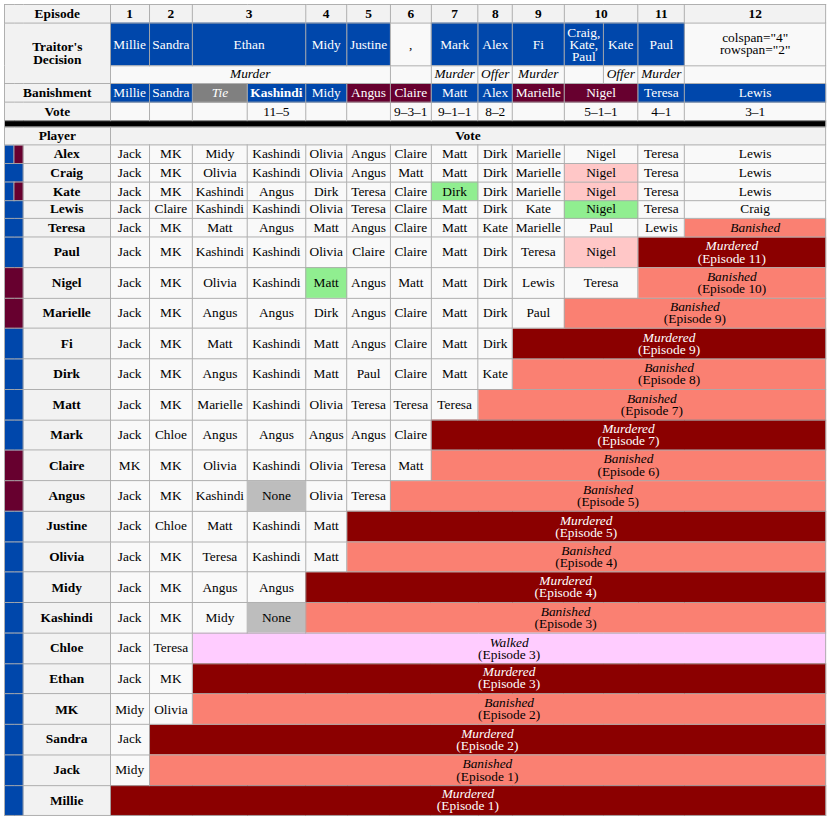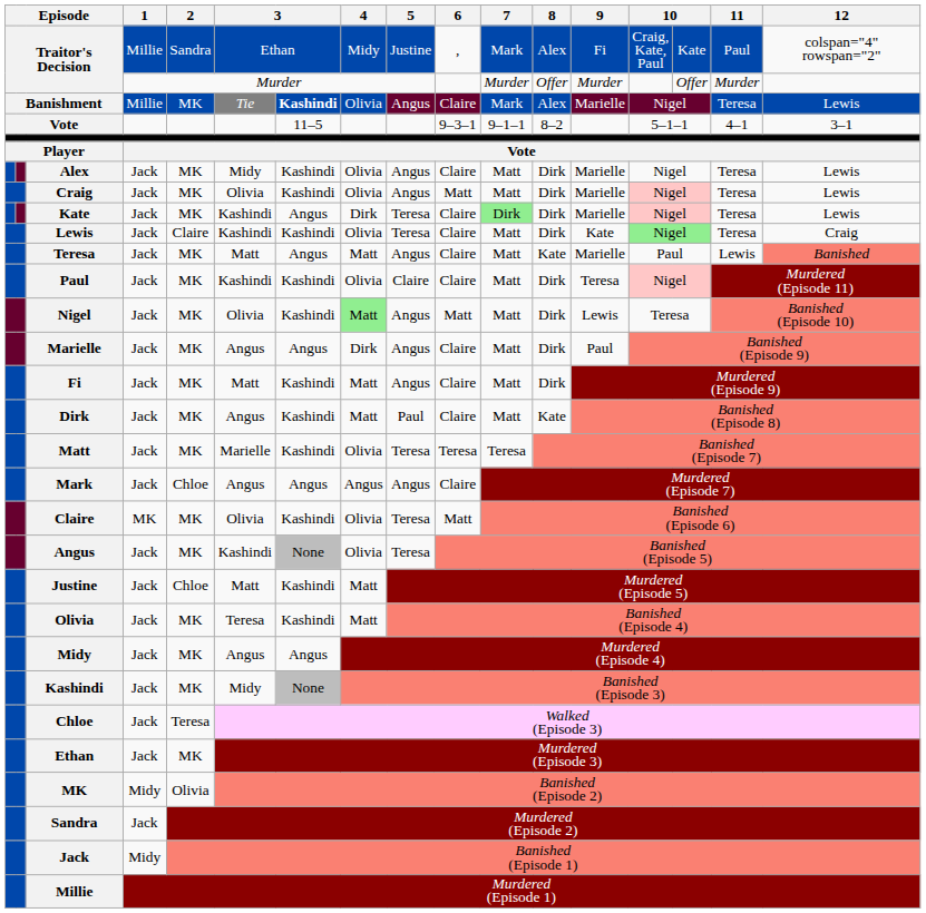 <table class="wikitable" style="text-align:center; width:100%; font-size:90%; line-height:13px">
 <tr>
 <th colspan="4">Episode</th>
 <th>1</th>
 <th>2</th>
 <th colspan="2">3</th>
 <th>4</th>
 <th>5</th>
 <th>6</th>
 <th>7</th>
 <th>8</th>
 <th>9</th>
 <th colspan="2">10</th>
 <th>11</th>
 <th colspan="4">12</th>
 </tr>
 <tr>
 <th colspan="4" rowspan="2">Traitor's Decision</th>
 <td bgcolor="#0047AB" align="center" span style="color:#FFFFFF;">Millie</td>
 <td bgcolor="#0047AB" align="center" span style="color:#FFFFFF;">Sandra</td>
 <td colspan="2" bgcolor="#0047AB" align="center" span style="color:#FFFFFF;">Ethan</td>
 <td bgcolor="#0047AB" align="center" span style="color:#FFFFFF;">Midy</td>
 <td bgcolor="#0047AB" align="center" span style="color:#FFFFFF;">Justine</td>
 <td align="center">,<br></td>
 <td bgcolor="#0047AB" align="center" span style="color:#FFFFFF;">Mark</td>
 <td bgcolor="#0047AB" align="center" span style="color:#FFFFFF;">Alex</td>
 <td bgcolor="#0047AB" align="center" span style="color:#FFFFFF;">Fi</td>
 <td bgcolor="#0047AB" align="center" span style="color:#FFFFFF;">Craig,<br>Kate,<br>Paul</td>
 <td bgcolor="#0047AB" align="center" span style="color:#FFFFFF;">Kate</td>
 <td bgcolor="#0047AB" align="center" span style="color:#FFFFFF;">Paul</td>
 <td>colspan="4" rowspan="2" </td>
 </tr>
 <tr>
 <td colspan="6" align="center"><em>Murder</em></td>
 <td align="center"></td>
 <td align="center"><em>Murder</em></td>
 <td align="center"><em>Offer</em></td>
 <td align="center"><em>Murder</em></td>
 <td align="center"></td>
 <td align="center"><em>Offer</em></td>
 <td align="center"><em>Murder</em></td>
 </tr>
 <tr>
 <th colspan="4">Banishment</th>
 <td bgcolor="#0047AB" align="center" span style="color:#FFFFFF;">Millie</td>
-<td bgcolor="#0047AB" align="center" span style="color:#FFFFFF;">Sandra</td>
+<td bgcolor="#0047AB" align="center" span style="color:#FFFFFF;">MK</td>
 <td bgcolor="grey" align="center" span style="color:#FFFFFF;"><em>Tie</em></td>
 <td bgcolor="#0047AB" align="center" span style="color:#FFFFFF;"><strong>Kashindi</strong></td>
-<td bgcolor="#0047AB" align="center" span style="color:#FFFFFF;">Midy</td>
+<td bgcolor="#0047AB" align="center" span style="color:#FFFFFF;">Olivia</td>
 <td bgcolor="#67002F" align="center" span style="color:#FFFFFF;">Angus</td>
 <td bgcolor="#67002F" align="center" span style="color:#FFFFFF;">Claire</td>
-<td bgcolor="#0047AB" align="center" span style="color:#FFFFFF;">Matt</td>
+<td bgcolor="#0047AB" align="center" span style="color:#FFFFFF;">Mark</td>
 <td bgcolor="#0047AB" align="center" span style="color:#FFFFFF;">Alex</td>
 <td bgcolor="#67002F" align="center" style="color:#FFFFFF;" span>Marielle</td>
 <td bgcolor="#67002F" align="center" style="color:#FFFFFF;" span colspan="2">Nigel</td>
 <td bgcolor="#0047AB" align="center" span style="color:#FFFFFF;">Teresa</td>
 <td bgcolor="#0047AB" align="center" span style="color:#FFFFFF;">Lewis</td>
 </tr>
 <tr>
 <th colspan="4">Vote</th>
 <td align="center"></td>
 <td align="center"></td>
 <td align="center"></td>
 <td align="center">11–5</td>
 <td align="center"></td>
 <td align="center"></td>
 <td align="center">9–3–1</td>
 <td align="center">9–1–1</td>
 <td align="center">8–2</td>
 <td align="center"><small></small></td>
 <td align="center" colspan="2">5–1–1</td>
 <td align="center">4–1</td>
 <td align="center">3–1</td>
 </tr>
 <tr>
 <td colspan="21" bgcolor="#000000"></td>
 </tr>
 <tr>
 <th colspan=4>Player</th>
 <th colspan=19>Vote</th>
 </tr>
 <tr>
 <td bgcolor="#0047AB"></td>
 <td colspan="2" bgcolor="#67002F"></td>
 <th>Alex</th>
 <td align="center">Jack</td>
 <td align="center">MK</td>
 <td align="center">Midy</td>
 <td align="center">Kashindi</td>
 <td align="center">Olivia</td>
 <td align="center">Angus</td>
 <td align="center">Claire</td>
 <td align="center">Matt</td>
 <td align="center">Dirk</td>
 <td align="center">Marielle</td>
 <td align="center" colspan="2">Nigel</td>
 <td align="center">Teresa</td>
 <td align="center">Lewis</td>
 </tr>
 <tr>
 <td colspan="3" bgcolor="#0047AB"></td>
 <th>Craig</th>
 <td align="center">Jack</td>
 <td align="center">MK</td>
 <td align="center">Olivia</td>
 <td align="center">Kashindi</td>
 <td align="center">Olivia</td>
 <td align="center">Angus</td>
 <td align="center">Matt</td>
 <td align="center">Matt</td>
 <td align="center">Dirk</td>
 <td align="center">Marielle</td>
 <td colspan="2" bgcolor="FFC7C7" align="center">Nigel</td>
 <td align="center">Teresa</td>
 <td align="center">Lewis</td>
 </tr>
 <tr>
 <td colspan="2" bgcolor="#0047AB"></td>
 <td bgcolor="#67002F"></td>
 <th>Kate</th>
 <td align="center">Jack</td>
 <td align="center">MK</td>
 <td align="center">Kashindi</td>
 <td align="center">Angus</td>
 <td align="center">Dirk</td>
 <td align="center">Teresa</td>
 <td align="center">Claire</td>
 <td bgcolor="lightgreen" align="center">Dirk</td>
 <td align="center">Dirk</td>
 <td align="center">Marielle</td>
 <td colspan="2" bgcolor="FFC7C7" align="center">Nigel</td>
 <td align="center">Teresa</td>
 <td align="center">Lewis</td>
 </tr>
 <tr>
 <td colspan="3" bgcolor="#0047AB"></td>
 <th>Lewis</th>
 <td align="center">Jack</td>
 <td align="center">Claire</td>
 <td align="center">Kashindi</td>
 <td align="center">Kashindi</td>
 <td align="center">Olivia</td>
 <td align="center">Teresa</td>
 <td align="center">Claire</td>
 <td align="center">Matt</td>
 <td align="center">Dirk</td>
 <td align="center">Kate</td>
 <td colspan="2" bgcolor="lightgreen" align="center">Nigel</td>
 <td align="center">Teresa</td>
 <td align="center">Craig</td>
 </tr>
 <tr>
 <td colspan="3" bgcolor="#0047AB"></td>
 <th>Teresa</th>
 <td align="center">Jack</td>
 <td align="center">MK</td>
 <td align="center">Matt</td>
 <td align="center">Angus</td>
 <td align="center">Matt</td>
 <td align="center">Angus</td>
 <td align="center">Claire</td>
 <td align="center">Matt</td>
 <td align="center">Kate</td>
 <td align="center">Marielle</td>
 <td align="center" colspan="2">Paul</td>
 <td Align="center">Lewis</td>
 <td colspan="4" align="center" style="background:salmon"><em>Banished</em> <br></td>
 </tr>
 <tr>
 <td colspan="3" bgcolor="#0047AB"></td>
 <th>Paul</th>
 <td align="center">Jack</td>
 <td align="center">MK</td>
 <td align="center">Kashindi</td>
 <td align="center">Kashindi</td>
 <td align="center">Olivia</td>
 <td align="center">Claire</td>
 <td align="center">Claire</td>
 <td align="center">Matt</td>
 <td align="center">Dirk</td>
 <td align="center">Teresa</td>
 <td colspan="2" bgcolor="FFC7C7" align="center">Nigel</td>
 <td colspan="5" align="center" style="background:darkred; color:white;"><em>Murdered</em> <br>(Episode 11)</td>
 </tr>
 <tr>
 <td colspan="3" bgcolor="#67002F"></td>
 <th>Nigel</th>
 <td align="center">Jack</td>
 <td align="center">MK</td>
 <td align="center">Olivia</td>
 <td align="center">Kashindi</td>
 <td bgcolor="lightgreen" align="center">Matt</td>
 <td align="center">Angus</td>
 <td align="center">Matt</td>
 <td align="center">Matt</td>
 <td align="center">Dirk</td>
 <td align="center">Lewis</td>
 <td align="center" colspan="2">Teresa</td>
 <td colspan="5" align="center" style="background:salmon"><em>Banished</em> <br>(Episode 10)</td>
 </tr>
 <tr>
 <td colspan="3" bgcolor="#67002F"></td>
 <th>Marielle</th>
 <td align="center">Jack</td>
 <td align="center">MK</td>
 <td align="center">Angus</td>
 <td align="center">Angus</td>
 <td align="center">Dirk</td>
 <td align="center">Angus</td>
 <td align="center">Claire</td>
 <td align="center">Matt</td>
 <td align="center">Dirk</td>
 <td align="center">Paul</td>
 <td colspan="7" align="center" style="background:salmon"><em>Banished</em> <br>(Episode 9)</td>
 </tr>
 <tr>
 <td colspan="3" bgcolor="#0047AB"></td>
 <th>Fi</th>
 <td align="center">Jack</td>
 <td align="center">MK</td>
 <td align="center">Matt</td>
 <td align="center">Kashindi</td>
 <td align="center">Matt</td>
 <td align="center">Angus</td>
 <td align="center">Claire</td>
 <td align="center">Matt</td>
 <td align="center">Dirk</td>
 <td colspan="8" align="center" style="background:darkred; color:white;"><em>Murdered</em> <br>(Episode 9)</td>
 </tr>
 <tr>
 <td colspan="3" bgcolor="#0047AB"></td>
 <th>Dirk</th>
 <td align="center">Jack</td>
 <td align="center">MK</td>
 <td align="center">Angus</td>
 <td align="center">Kashindi</td>
 <td align="center">Matt</td>
 <td align="center">Paul</td>
 <td align="center">Claire</td>
 <td align="center">Matt</td>
 <td align="center">Kate</td>
 <td colspan="8" align="center" style="background:salmon"><em>Banished</em> <br>(Episode 8)</td>
 </tr>
 <tr>
 <td colspan="3" bgcolor="#0047AB"></td>
 <th>Matt</th>
 <td align="center">Jack</td>
 <td align="center">MK</td>
 <td align="center">Marielle</td>
 <td align="center">Kashindi</td>
 <td align="center">Olivia</td>
 <td align="center">Teresa</td>
 <td align="center">Teresa</td>
 <td align="center">Teresa</td>
 <td colspan="9" align="center" style="background:salmon"><em>Banished</em> <br>(Episode 7)</td>
 </tr>
 <tr>
 <td colspan="3" bgcolor="#0047AB"></td>
 <th>Mark</th>
 <td align="center">Jack</td>
 <td align="center">Chloe</td>
 <td align="center">Angus</td>
 <td align="center">Angus</td>
 <td align="center">Angus</td>
 <td align="center">Angus</td>
 <td align="center">Claire</td>
 <td colspan="10" align="center" style="background:darkred; color:white;"><em>Murdered</em> <br>(Episode 7)</td>
 </tr>
 <tr>
 <td colspan="3" bgcolor="#67002F"></td>
 <th>Claire</th>
 <td align="center">MK</td>
 <td align="center">MK</td>
 <td align="center">Olivia</td>
 <td align="center">Kashindi</td>
 <td align="center">Olivia</td>
 <td align="center">Teresa</td>
 <td align="center">Matt</td>
 <td colspan="10" align="center" style="background:salmon"><em>Banished</em> <br>(Episode 6)</td>
 </tr>
 <tr>
 <td colspan="3" bgcolor="#67002F"></td>
 <th>Angus</th>
 <td align="center">Jack</td>
 <td align="center">MK</td>
 <td align="center">Kashindi</td>
 <td bgcolor="bdbdbd" align="center">None</td>
 <td align="center">Olivia</td>
 <td align="center">Teresa</td>
 <td colspan="11" align="center" style="background:salmon"><em>Banished</em> <br>(Episode 5)</td>
 </tr>
 <tr>
 <td colspan="3" bgcolor="#0047AB"></td>
 <th>Justine</th>
 <td align="center">Jack</td>
 <td align="center">Chloe</td>
 <td align="center">Matt</td>
 <td align="center">Kashindi</td>
 <td align="center">Matt</td>
 <td colspan="12" align="center" style="background:darkred; color:white;"><em>Murdered</em> <br>(Episode 5)</td>
 </tr>
 <tr>
 <td colspan="3" bgcolor="#0047AB"></td>
 <th>Olivia</th>
 <td align="center">Jack</td>
 <td align="center">MK</td>
 <td align="center">Teresa</td>
 <td align="center">Kashindi</td>
 <td align="center">Matt</td>
 <td colspan="12" align="center" style="background:salmon"><em>Banished</em> <br>(Episode 4)</td>
 </tr>
 <tr>
 <td colspan="3" bgcolor="#0047AB"></td>
 <th>Midy</th>
 <td align="center">Jack</td>
 <td align="center">MK</td>
 <td align="center">Angus</td>
 <td align="center">Angus</td>
 <td colspan="13" align="center" style="background:darkred; color:white;"><em>Murdered</em> <br>(Episode 4)</td>
 </tr>
 <tr>
 <td colspan="3" bgcolor="#0047AB"></td>
 <th>Kashindi</th>
 <td align="center">Jack</td>
 <td align="center">MK</td>
 <td align="center">Midy</td>
 <td bgcolor="bdbdbd" align="center">None</td>
 <td colspan="13" align="center" style="background:salmon"><em>Banished</em> <br>(Episode 3)</td>
 </tr>
 <tr>
 <td colspan="3" bgcolor="#0047AB"></td>
 <th>Chloe</th>
 <td align="center">Jack</td>
 <td align="center">Teresa</td>
 <td style="background:#fcf" align="center" colspan="15"><em>Walked</em> <br>(Episode 3)</td>
 </tr>
 <tr>
 <td colspan="3" bgcolor="#0047AB"></td>
 <th>Ethan</th>
 <td align="center">Jack</td>
 <td align="center">MK</td>
 <td colspan="15" align="center" style="background:darkred; color:white;"><em>Murdered</em> <br>(Episode 3)</td>
 </tr>
 <tr>
 <td colspan="3" bgcolor="#0047AB"></td>
 <th>MK</th>
 <td align="center">Midy</td>
 <td align="center">Olivia</td>
 <td colspan="15" align="center" style="background:salmon"><em>Banished</em> <br>(Episode 2)</td>
 </tr>
 <tr>
 <td colspan="3" bgcolor="#0047AB"></td>
 <th>Sandra</th>
 <td align="center">Jack</td>
 <td colspan="16" align="center" style="background:darkred; color:white;"><em>Murdered</em> <br>(Episode 2)</td>
 </tr>
 <tr>
 <td colspan="3" bgcolor="#0047AB"></td>
 <th>Jack</th>
 <td align="center">Midy</td>
 <td colspan="16" align="center" style="background:salmon"><em>Banished</em> <br>(Episode 1)</td>
 </tr>
 <tr>
 <td colspan="3" bgcolor="#0047AB"></td>
 <th>Millie</th>
 <td colspan="17" align="center" style="background:darkred; color:white;"><em>Murdered</em> <br>(Episode 1)</td>
 </tr>
 </table>
